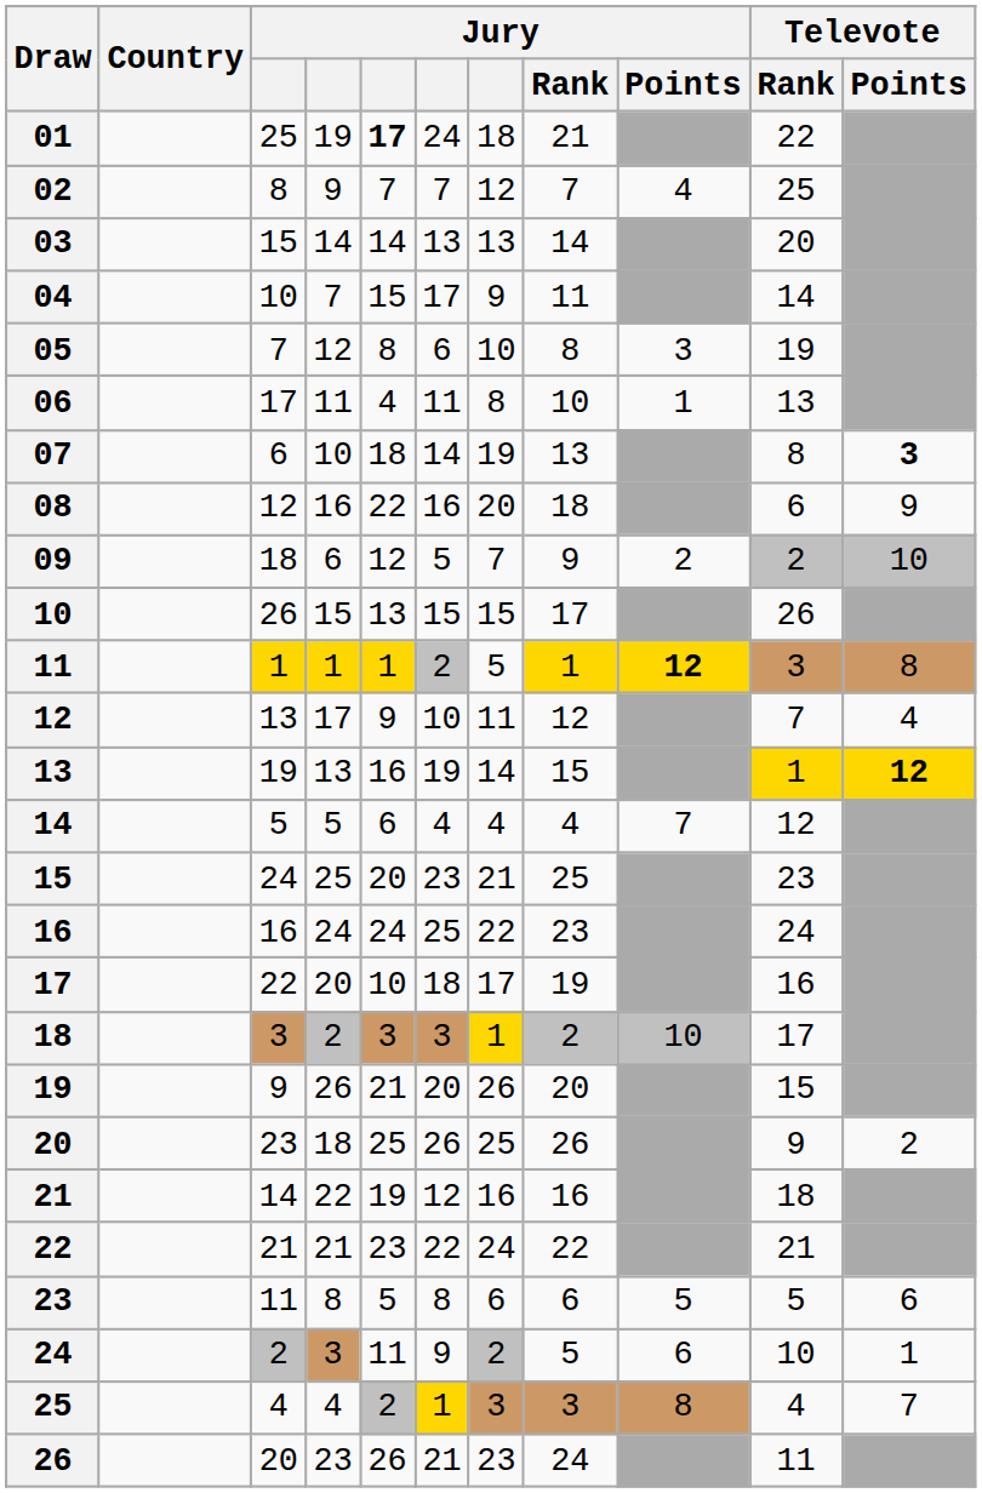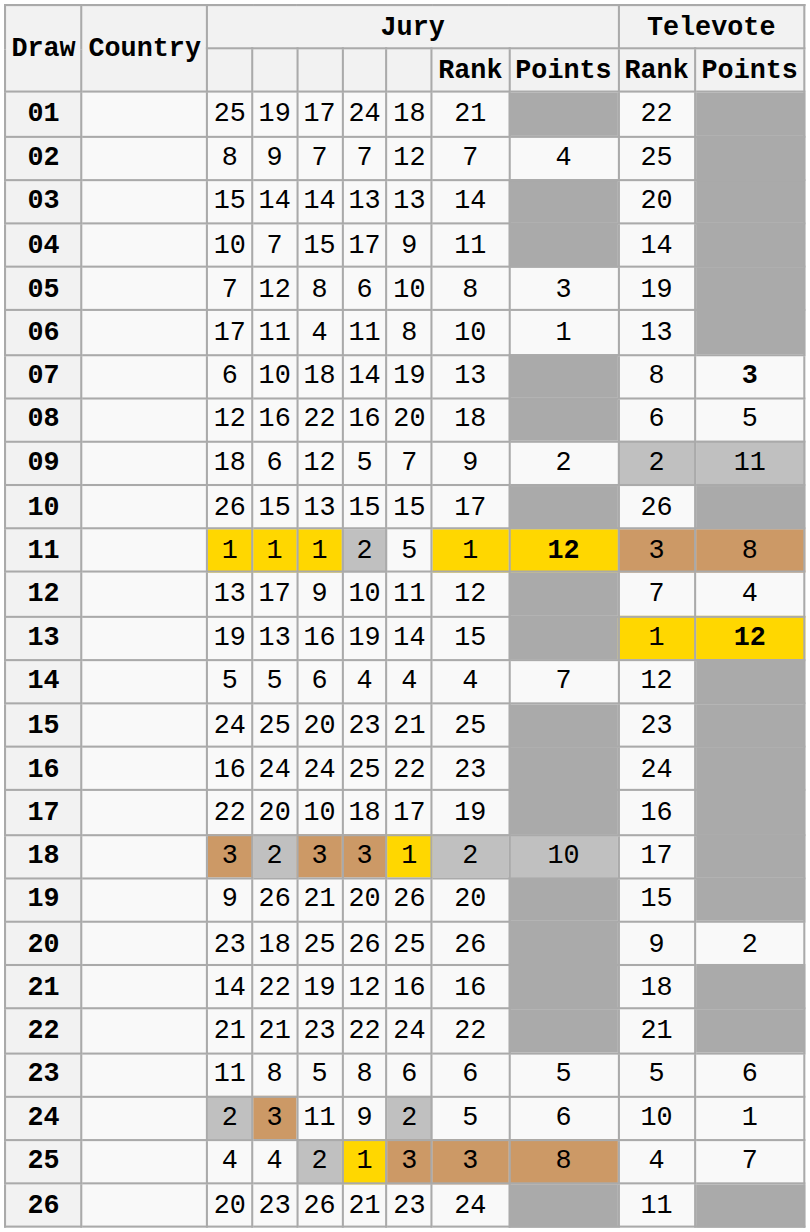 <table class="sortable wikitable collapsible plainrowheaders" style="text-align:center;">
 <tr>
 </tr>
 <tr>
 <th scope="col" rowspan="2">Draw</th>
 <th scope="col" rowspan="2">Country</th>
 <th scope="col" colspan="7">Jury</th>
 <th scope="col" colspan="2">Televote</th>
 </tr>
 <tr>
 <th scope="col"><small></small></th>
 <th scope="col"><small></small></th>
 <th scope="col"><small></small></th>
 <th scope="col"><small></small></th>
 <th scope="col"><small></small></th>
 <th scope="col">Rank</th>
 <th scope="col">Points</th>
 <th scope="col">Rank</th>
 <th scope="col">Points</th>
 </tr>
 <tr>
 <th scope="row" style="text-align:center;">01</th>
 <td style="text-align:left;"></td>
 <td>25</td>
 <td>19</td>
-<td><strong>17</strong></td>
+<td>17</td>
 <td>24</td>
 <td>18</td>
 <td>21</td>
 <td style="background:#AAAAAA;"></td>
 <td>22</td>
 <td style="background:#AAAAAA;"></td>
 </tr>
 <tr>
 <th scope="row" style="text-align:center;">02</th>
 <td style="text-align:left;"></td>
 <td>8</td>
 <td>9</td>
 <td>7</td>
 <td>7</td>
 <td>12</td>
 <td>7</td>
 <td>4</td>
 <td>25</td>
 <td style="background:#AAAAAA;"></td>
 </tr>
 <tr>
 <th scope="row" style="text-align:center;">03</th>
 <td style="text-align:left;"></td>
 <td>15</td>
 <td>14</td>
 <td>14</td>
 <td>13</td>
 <td>13</td>
 <td>14</td>
 <td style="background:#AAAAAA;"></td>
 <td>20</td>
 <td style="background:#AAAAAA;"></td>
 </tr>
 <tr>
 <th scope="row" style="text-align:center;">04</th>
 <td style="text-align:left;"></td>
 <td>10</td>
 <td>7</td>
 <td>15</td>
 <td>17</td>
 <td>9</td>
 <td>11</td>
 <td style="background:#AAAAAA;"></td>
 <td>14</td>
 <td style="background:#AAAAAA;"></td>
 </tr>
 <tr>
 <th scope="row" style="text-align:center;">05</th>
 <td style="text-align:left;"></td>
 <td>7</td>
 <td>12</td>
 <td>8</td>
 <td>6</td>
 <td>10</td>
 <td>8</td>
 <td>3</td>
 <td>19</td>
 <td style="background:#AAAAAA;"></td>
 </tr>
 <tr>
 <th scope="row" style="text-align:center;">06</th>
 <td style="text-align:left;"></td>
 <td>17</td>
 <td>11</td>
 <td>4</td>
 <td>11</td>
 <td>8</td>
 <td>10</td>
 <td>1</td>
 <td>13</td>
 <td style="background:#AAAAAA;"></td>
 </tr>
 <tr>
 <th scope="row" style="text-align:center;">07</th>
 <td style="text-align:left;"></td>
 <td>6</td>
 <td>10</td>
 <td>18</td>
 <td>14</td>
 <td>19</td>
 <td>13</td>
 <td style="background:#AAAAAA;"></td>
 <td>8</td>
 <td><strong>3</strong></td>
 </tr>
 <tr>
 <th scope="row" style="text-align:center;">08</th>
 <td style="text-align:left;"></td>
 <td>12</td>
 <td>16</td>
 <td>22</td>
 <td>16</td>
 <td>20</td>
 <td>18</td>
 <td style="background:#AAAAAA;"></td>
 <td>6</td>
-<td>9</td>
+<td>5</td>
 </tr>
 <tr>
 <th scope="row" style="text-align:center;">09</th>
 <td style="text-align:left;"></td>
 <td>18</td>
 <td>6</td>
 <td>12</td>
 <td>5</td>
 <td>7</td>
 <td>9</td>
 <td>2</td>
 <td style="background:silver;">2</td>
-<td style="background:silver;">10</td>
+<td style="background:silver;">11</td>
 </tr>
 <tr>
 <th scope="row" style="text-align:center;">10</th>
 <td style="text-align:left;"></td>
 <td>26</td>
 <td>15</td>
 <td>13</td>
 <td>15</td>
 <td>15</td>
 <td>17</td>
 <td style="background:#AAAAAA;"></td>
 <td>26</td>
 <td style="background:#AAAAAA;"></td>
 </tr>
 <tr>
 <th scope="row" style="text-align:center;">11</th>
 <td style="text-align:left;"></td>
 <td style="background:gold;">1</td>
 <td style="background:gold;">1</td>
 <td style="background:gold;">1</td>
 <td style="background:silver;">2</td>
 <td>5</td>
 <td style="background:gold;">1</td>
 <td style="background:gold;"><strong>12</strong></td>
 <td style="background:#CC9966;">3</td>
 <td style="background:#CC9966;">8</td>
 </tr>
 <tr>
 <th scope="row" style="text-align:center;">12</th>
 <td style="text-align:left;"></td>
 <td>13</td>
 <td>17</td>
 <td>9</td>
 <td>10</td>
 <td>11</td>
 <td>12</td>
 <td style="background:#AAAAAA;"></td>
 <td>7</td>
 <td>4</td>
 </tr>
 <tr>
 <th scope="row" style="text-align:center;">13</th>
 <td style="text-align:left;"></td>
 <td>19</td>
 <td>13</td>
 <td>16</td>
 <td>19</td>
 <td>14</td>
 <td>15</td>
 <td style="background:#AAAAAA;"></td>
 <td style="background:gold;">1</td>
 <td style="background:gold;"><strong>12</strong></td>
 </tr>
 <tr>
 <th scope="row" style="text-align:center;">14</th>
 <td style="text-align:left;"></td>
 <td>5</td>
 <td>5</td>
 <td>6</td>
 <td>4</td>
 <td>4</td>
 <td>4</td>
 <td>7</td>
 <td>12</td>
 <td style="background:#AAAAAA;"></td>
 </tr>
 <tr>
 <th scope="row" style="text-align:center;">15</th>
 <td style="text-align:left;"></td>
 <td>24</td>
 <td>25</td>
 <td>20</td>
 <td>23</td>
 <td>21</td>
 <td>25</td>
 <td style="background:#AAAAAA;"></td>
 <td>23</td>
 <td style="background:#AAAAAA;"></td>
 </tr>
 <tr>
 <th scope="row" style="text-align:center;">16</th>
 <td style="text-align:left;"></td>
 <td>16</td>
 <td>24</td>
 <td>24</td>
 <td>25</td>
 <td>22</td>
 <td>23</td>
 <td style="background:#AAAAAA;"></td>
 <td>24</td>
 <td style="background:#AAAAAA;"></td>
 </tr>
 <tr>
 <th scope="row" style="text-align:center;">17</th>
 <td style="text-align:left;"></td>
 <td>22</td>
 <td>20</td>
 <td>10</td>
 <td>18</td>
 <td>17</td>
 <td>19</td>
 <td style="background:#AAAAAA;"></td>
 <td>16</td>
 <td style="background:#AAAAAA;"></td>
 </tr>
 <tr>
 <th scope="row" style="text-align:center;">18</th>
 <td style="text-align:left;"></td>
 <td style="background:#CC9966;">3</td>
 <td style="background:silver;">2</td>
 <td style="background:#CC9966;">3</td>
 <td style="background:#CC9966;">3</td>
 <td style="background:gold;">1</td>
 <td style="background:silver;">2</td>
 <td style="background:silver;">10</td>
 <td>17</td>
 <td style="background:#AAAAAA;"></td>
 </tr>
 <tr>
 <th scope="row" style="text-align:center;">19</th>
 <td style="text-align:left;"></td>
 <td>9</td>
 <td>26</td>
 <td>21</td>
 <td>20</td>
 <td>26</td>
 <td>20</td>
 <td style="background:#AAAAAA;"></td>
 <td>15</td>
 <td style="background:#AAAAAA;"></td>
 </tr>
 <tr>
 <th scope="row" style="text-align:center;">20</th>
 <td style="text-align:left;"></td>
 <td>23</td>
 <td>18</td>
 <td>25</td>
 <td>26</td>
 <td>25</td>
 <td>26</td>
 <td style="background:#AAAAAA;"></td>
 <td>9</td>
 <td>2</td>
 </tr>
 <tr>
 <th scope="row" style="text-align:center;">21</th>
 <td style="text-align:left;"></td>
 <td>14</td>
 <td>22</td>
 <td>19</td>
 <td>12</td>
 <td>16</td>
 <td>16</td>
 <td style="background:#AAAAAA;"></td>
 <td>18</td>
 <td style="background:#AAAAAA;"></td>
 </tr>
 <tr>
 <th scope="row" style="text-align:center;">22</th>
 <td style="text-align:left;"></td>
 <td>21</td>
 <td>21</td>
 <td>23</td>
 <td>22</td>
 <td>24</td>
 <td>22</td>
 <td style="background:#AAAAAA;"></td>
 <td>21</td>
 <td style="background:#AAAAAA;"></td>
 </tr>
 <tr>
 <th scope="row" style="text-align:center;">23</th>
 <td style="text-align:left;"></td>
 <td>11</td>
 <td>8</td>
 <td>5</td>
 <td>8</td>
 <td>6</td>
 <td>6</td>
 <td>5</td>
 <td>5</td>
 <td>6</td>
 </tr>
 <tr>
 <th scope="row" style="text-align:center;">24</th>
 <td style="text-align:left;"></td>
 <td style="background:silver;">2</td>
 <td style="background:#CC9966;">3</td>
 <td>11</td>
 <td>9</td>
 <td style="background:silver;">2</td>
 <td>5</td>
 <td>6</td>
 <td>10</td>
 <td>1</td>
 </tr>
 <tr>
 <th scope="row" style="text-align:center;">25</th>
 <td style="text-align:left;"></td>
 <td>4</td>
 <td>4</td>
 <td style="background:silver;">2</td>
 <td style="background:gold;">1</td>
 <td style="background:#CC9966;">3</td>
 <td style="background:#CC9966;">3</td>
 <td style="background:#CC9966;">8</td>
 <td>4</td>
 <td>7</td>
 </tr>
 <tr>
 <th scope="row" style="text-align:center;">26</th>
 <td style="text-align:left;"></td>
 <td>20</td>
 <td>23</td>
 <td>26</td>
 <td>21</td>
 <td>23</td>
 <td>24</td>
 <td style="background:#AAAAAA;"></td>
 <td>11</td>
 <td style="background:#AAAAAA;"></td>
 </tr>
 </table>
